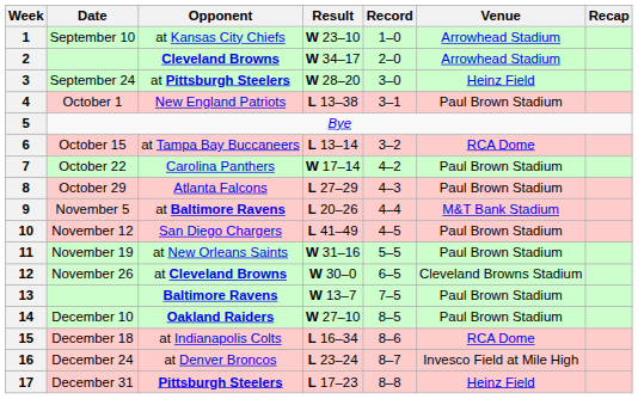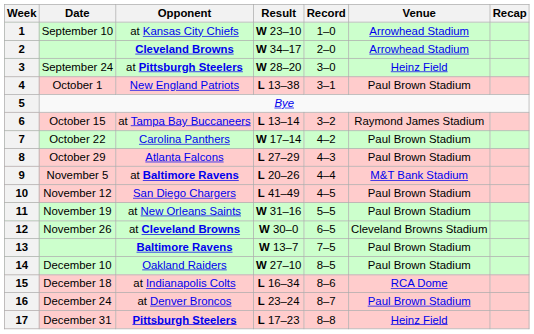 <table class="wikitable" style="text-align:center">
 <tr>
 <th>Week</th>
 <th>Date</th>
 <th>Opponent</th>
 <th>Result</th>
 <th>Record</th>
 <th>Venue</th>
 <th>Recap</th>
 </tr>
 <tr style="background:#cfc">
 <th>1</th>
 <td>September 10</td>
 <td>at  <a href='#'>Kansas City Chiefs</a></td>
 <td><strong>W</strong> 23–10</td>
 <td>1–0</td>
 <td><a href='#'>Arrowhead Stadium</a></td>
 <td></td>
 </tr>
 <tr style="background:#cfc">
 <th>2</th>
 <td></td>
 <td><strong><a href='#'>Cleveland Browns</a></strong></td>
 <td><strong>W</strong> 34–17</td>
 <td>2–0</td>
 <td><a href='#'>Arrowhead Stadium</a></td>
 <td></td>
 </tr>
 <tr style="background:#cfc">
 <th>3</th>
 <td>September 24</td>
 <td>at <strong><a href='#'>Pittsburgh Steelers</a></strong></td>
 <td><strong>W</strong> 28–20</td>
 <td>3–0</td>
 <td><a href='#'>Heinz Field</a></td>
 <td></td>
 </tr>
 <tr style="background:#fcc">
 <th>4</th>
 <td>October 1</td>
 <td><a href='#'>New England Patriots</a></td>
 <td><strong>L</strong> 13–38</td>
 <td>3–1</td>
 <td>Paul Brown Stadium</td>
 <td></td>
 </tr>
 <tr>
 <th>5</th>
 <td colspan=6><em><a href='#'>Bye</a></em></td>
 </tr>
 <tr style="background:#fcc">
 <th>6</th>
 <td>October 15</td>
 <td>at <a href='#'>Tampa Bay Buccaneers</a></td>
 <td><strong>L</strong> 13–14</td>
 <td>3–2</td>
-<td><a href='#'>RCA Dome</a></td>
+<td>Raymond James Stadium</td>
 <td></td>
 </tr>
 <tr style="background:#cfc">
 <th>7</th>
 <td>October 22</td>
 <td><a href='#'>Carolina Panthers</a></td>
 <td><strong>W</strong> 17–14</td>
 <td>4–2</td>
 <td>Paul Brown Stadium</td>
 <td></td>
 </tr>
 <tr style="background:#fcc">
 <th>8</th>
 <td>October 29</td>
 <td><a href='#'>Atlanta Falcons</a></td>
 <td><strong>L</strong> 27–29</td>
 <td>4–3</td>
 <td>Paul Brown Stadium</td>
 <td></td>
 </tr>
 <tr style="background:#fcc">
 <th>9</th>
 <td>November 5</td>
 <td>at <strong><a href='#'>Baltimore Ravens</a></strong></td>
 <td><strong>L</strong> 20–26</td>
 <td>4–4</td>
 <td><a href='#'>M&T Bank Stadium</a></td>
 <td></td>
 </tr>
 <tr style="background:#fcc">
 <th>10</th>
 <td>November 12</td>
 <td><a href='#'>San Diego Chargers</a></td>
 <td><strong>L</strong> 41–49</td>
 <td>4–5</td>
 <td>Paul Brown Stadium</td>
 <td></td>
 </tr>
 <tr style="background:#cfc">
 <th>11</th>
 <td>November 19</td>
 <td>at <a href='#'>New Orleans Saints</a></td>
 <td><strong>W</strong> 31–16</td>
 <td>5–5</td>
 <td>Paul Brown Stadium</td>
 <td></td>
 </tr>
 <tr style="background:#cfc">
 <th>12</th>
 <td>November 26</td>
 <td>at <strong><a href='#'>Cleveland Browns</a></strong></td>
 <td><strong>W</strong> 30–0</td>
 <td>6–5</td>
 <td>Cleveland Browns Stadium</td>
 <td></td>
 </tr>
 <tr style="background:#cfc">
 <th>13</th>
 <td></td>
 <td><strong><a href='#'>Baltimore Ravens</a></strong></td>
 <td><strong>W</strong> 13–7</td>
 <td>7–5</td>
 <td>Paul Brown Stadium</td>
 <td></td>
 </tr>
 <tr style="background:#cfc">
 <th>14</th>
 <td>December 10</td>
-<td><strong><a href='#'>Oakland Raiders</a></strong></td>
+<td><a href='#'>Oakland Raiders</a></td>
 <td><strong>W</strong> 27–10</td>
 <td>8–5</td>
 <td>Paul Brown Stadium</td>
 <td></td>
 </tr>
 <tr style="background:#fcc">
 <th>15</th>
 <td>December 18</td>
 <td>at <a href='#'>Indianapolis Colts</a></td>
 <td><strong>L</strong> 16–34</td>
 <td>8–6</td>
 <td><a href='#'>RCA Dome</a></td>
 <td></td>
 </tr>
 <tr style="background:#fcc">
 <th>16</th>
 <td>December 24</td>
 <td>at  <a href='#'>Denver Broncos</a></td>
 <td><strong>L</strong> 23–24</td>
 <td>8–7</td>
-<td>Invesco Field at Mile High</td>
+<td><a href='#'>Paul Brown Stadium</a></td>
 <td></td>
 </tr>
 <tr style="background:#fcc">
 <th>17</th>
 <td>December 31</td>
 <td><strong><a href='#'>Pittsburgh Steelers</a></strong></td>
 <td><strong>L</strong> 17–23 </td>
 <td>8–8</td>
 <td><a href='#'>Heinz Field</a></td>
 <td></td>
 </tr>
 </table>
